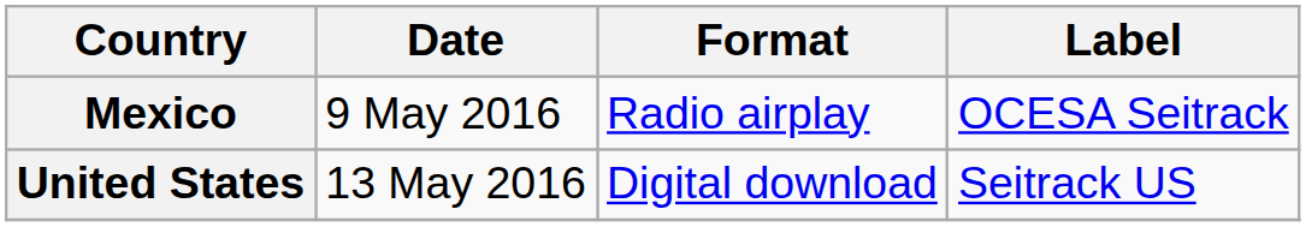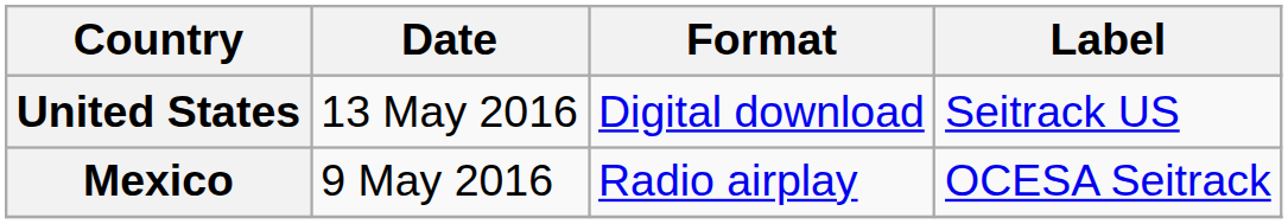 <table class="wikitable plainrowheaders">
 <tr>
 <th scope="col">Country</th>
 <th scope="col">Date</th>
 <th scope="col">Format</th>
 <th scope="col">Label</th>
 </tr>
 <tr>
+<th scope="row">United States</th>
+<td rowspan="1">13 May 2016</td>
+<td rowspan="1"><a href='#'>Digital download</a></td>
+<td rowspan="1"><a href='#'>Seitrack US</a></td>
+</tr>
+<tr>
 <th scope="row">Mexico</th>
 <td rowspan="1">9 May 2016</td>
 <td rowspan="1"><a href='#'>Radio airplay</a></td>
 <td rowspan="1"><a href='#'>OCESA Seitrack</a></td>
 </tr>
 <tr>
-<th scope="row">United States</th>
-<td rowspan="1">13 May 2016</td>
-<td rowspan="1"><a href='#'>Digital download</a></td>
-<td rowspan="1"><a href='#'>Seitrack US</a></td>
-</tr>
-<tr>
 </tr>
 </table>
